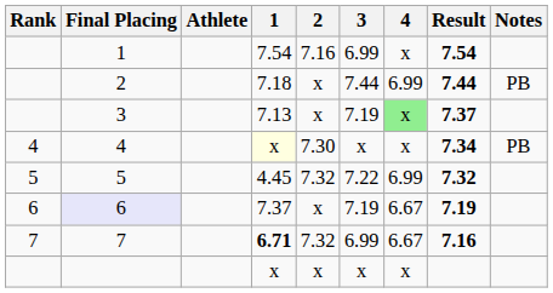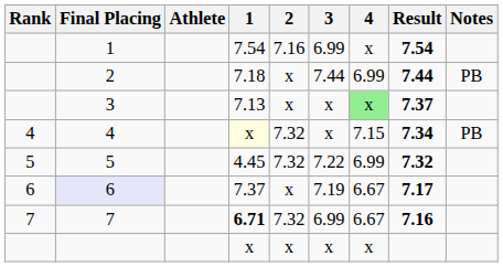 <table class="wikitable sortable" style="text-align:center">
 <tr>
 <th>Rank</th>
 <th>Final Placing</th>
 <th>Athlete</th>
 <th>1</th>
 <th>2</th>
 <th>3</th>
 <th>4</th>
 <th>Result</th>
 <th>Notes</th>
 </tr>
 <tr>
 <td></td>
 <td>1</td>
 <td align=left></td>
 <td>7.54</td>
 <td>7.16</td>
 <td>6.99</td>
 <td>x</td>
 <td><strong>7.54</strong></td>
 <td></td>
 </tr>
 <tr>
 <td></td>
 <td>2</td>
 <td align=left></td>
 <td>7.18</td>
 <td>x</td>
 <td>7.44</td>
 <td>6.99</td>
 <td><strong>7.44</strong></td>
 <td>PB</td>
 </tr>
 <tr>
 <td></td>
 <td>3</td>
 <td align=left></td>
 <td>7.13</td>
 <td>x</td>
-<td>7.19</td>
+<td>x</td>
 <td style="background: lightgreen;">x</td>
 <td><strong>7.37</strong></td>
 <td></td>
 </tr>
 <tr>
 <td>4</td>
 <td>4</td>
 <td align=left></td>
 <td style="background: lightyellow;">x</td>
-<td>7.30</td>
+<td>7.32</td>
 <td>x</td>
-<td>x</td>
+<td>7.15</td>
 <td><strong>7.34</strong></td>
 <td>PB</td>
 </tr>
 <tr>
 <td>5</td>
 <td>5</td>
 <td align=left></td>
 <td>4.45</td>
 <td>7.32</td>
 <td>7.22</td>
 <td>6.99</td>
 <td><strong>7.32</strong></td>
 <td></td>
 </tr>
 <tr>
 <td>6</td>
 <td style="background: lavender;">6</td>
 <td align=left></td>
 <td>7.37</td>
 <td>x</td>
 <td>7.19</td>
 <td>6.67</td>
-<td><strong>7.19</strong></td>
+<td><strong>7.17</strong></td>
 <td></td>
 </tr>
 <tr>
 <td>7</td>
 <td>7</td>
 <td align=left></td>
 <td><strong>6.71</strong></td>
 <td>7.32</td>
 <td>6.99</td>
 <td>6.67</td>
 <td><strong>7.16</strong></td>
 <td></td>
 </tr>
 <tr>
 <td></td>
 <td></td>
 <td align=left></td>
 <td>x</td>
 <td>x</td>
 <td>x</td>
 <td>x</td>
 <td></td>
 <td></td>
 </tr>
 </table>
